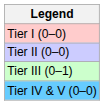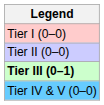 <table class=wikitable style="font-size:90%">
 <tr>
 <th>Legend</th>
 </tr>
 <tr>
 <td bgcolor=ffcccc>Tier I (0–0)</td>
 </tr>
 <tr>
 <td bgcolor=ccccff>Tier II (0–0)</td>
 </tr>
 <tr>
-<td bgcolor=CCFFCC>Tier III (0–1)</td>
+<td bgcolor=CCFFCC><strong>Tier III (0–1)</strong></td>
 </tr>
 <tr>
 <td bgcolor=66CCFF>Tier IV & V (0–0)</td>
 </tr>
 </table>
